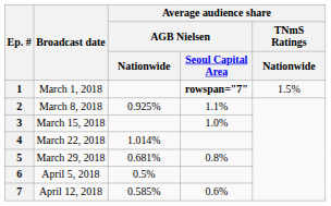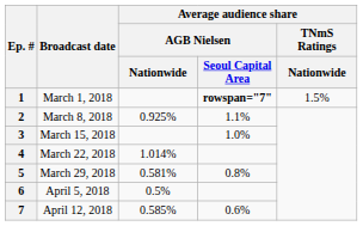 <table class="wikitable" style="text-align:center">
 <tr>
 <th rowspan="3">Ep. #</th>
 <th rowspan="3">Broadcast date</th>
 <th colspan="3">Average audience share</th>
 </tr>
 <tr>
 <th colspan="2">AGB Nielsen</th>
 <th colspan="1">TNmS Ratings</th>
 </tr>
 <tr>
 <th width=100>Nationwide</th>
 <th width=100><a href='#'>Seoul Capital Area</a></th>
 <th width=100>Nationwide</th>
 </tr>
 <tr>
 <th>1</th>
 <td>March 1, 2018</td>
 <td></td>
 <td><strong>rowspan="7" </strong></td>
 <td>1.5%</td>
 </tr>
 <tr>
 <th>2</th>
 <td>March 8, 2018</td>
 <td>0.925%</td>
 <td>1.1%</td>
 </tr>
 <tr>
 <th>3</th>
 <td>March 15, 2018</td>
 <td></td>
 <td>1.0%</td>
 </tr>
 <tr>
 <th>4</th>
 <td>March 22, 2018</td>
 <td>1.014%</td>
 <td></td>
 </tr>
 <tr>
 <th>5</th>
 <td>March 29, 2018</td>
-<td>0.681%</td>
+<td>0.581%</td>
 <td>0.8%</td>
 </tr>
 <tr>
 <th>6</th>
 <td>April 5, 2018</td>
 <td>0.5%</td>
 <td></td>
 </tr>
 <tr>
 <th>7</th>
 <td>April 12, 2018</td>
 <td>0.585%</td>
 <td>0.6%</td>
 </tr>
 </table>
